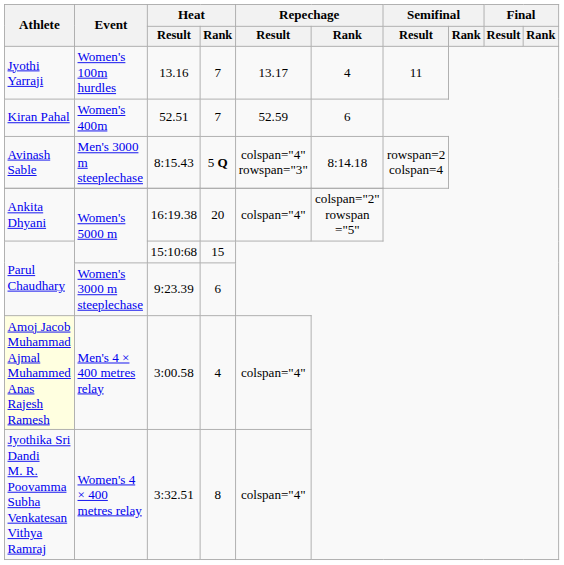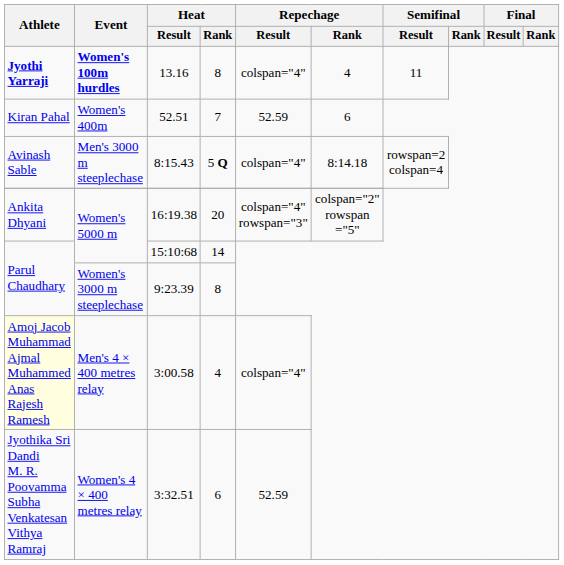 <table class="wikitable" style="font-size:90%">
 <tr>
 <th rowspan="2">Athlete</th>
 <th rowspan="2">Event</th>
 <th colspan="2">Heat</th>
 <th colspan=2>Repechage</th>
 <th colspan=2>Semifinal</th>
 <th colspan="2">Final</th>
 </tr>
 <tr style="font-size:95%">
 <th>Result</th>
 <th>Rank</th>
 <th>Result</th>
 <th>Rank</th>
 <th>Result</th>
 <th>Rank</th>
 <th>Result</th>
 <th>Rank</th>
 </tr>
 <tr align=center>
-<td align=left><a href='#'>Jyothi Yarraji</a></td>
-<td align=left><a href='#'>Women's 100m hurdles</a></td>
+<td align=left><strong><a href='#'>Jyothi Yarraji</a></strong></td>
+<td align=left><strong><a href='#'>Women's 100m hurdles</a></strong></td>
 <td>13.16</td>
-<td>7</td>
-<td>13.17</td>
+<td>8</td>
+<td>colspan="4" </td>
 <td>4</td>
 <td>11</td>
 </tr>
 <tr align=center>
 <td align=left><a href='#'>Kiran Pahal</a></td>
 <td align=left><a href='#'>Women's 400m</a></td>
 <td>52.51</td>
 <td>7</td>
 <td>52.59</td>
 <td>6</td>
 </tr>
 <tr align=center>
 <td align=left><a href='#'>Avinash Sable</a></td>
 <td align=left><a href='#'>Men's 3000 m steeplechase</a></td>
 <td>8:15.43</td>
 <td>5 <strong>Q</strong></td>
-<td>colspan="4" rowspan="3" </td>
+<td>colspan="4" </td>
 <td>8:14.18</td>
 <td>rowspan=2 colspan=4</td>
 </tr>
 <tr>
 </tr>
 <tr align=center>
 <td align=left><a href='#'>Ankita Dhyani</a></td>
 <td rowspan=2 align=left><a href='#'>Women's 5000 m</a></td>
 <td>16:19.38</td>
 <td>20</td>
-<td>colspan="4" </td>
+<td>colspan="4" rowspan="3" </td>
 <td>colspan="2" rowspan ="5" </td>
 </tr>
 <tr align=center>
 <td rowspan="2" align=left><a href='#'>Parul Chaudhary</a></td>
 <td>15:10:68 </td>
-<td>15</td>
+<td>14</td>
 </tr>
 <tr align=center>
 <td align=left><a href='#'>Women's 3000 m steeplechase</a></td>
 <td>9:23.39 </td>
-<td>6</td>
+<td>8</td>
 </tr>
 <tr align=center>
 <td align=left style="background: lightyellow;"><a href='#'>Amoj Jacob</a> <br> <a href='#'>Muhammad Ajmal</a> <br> <a href='#'>Muhammed Anas</a> <br> <a href='#'>Rajesh Ramesh</a></td>
 <td align=left><a href='#'>Men's 4 × 400 metres relay</a></td>
 <td>3:00.58 </td>
 <td>4</td>
 <td>colspan="4" </td>
 </tr>
 <tr align=center>
 <td align=left><a href='#'>Jyothika Sri Dandi</a> <br> <a href='#'>M. R. Poovamma</a> <br> <a href='#'>Subha Venkatesan</a> <br> <a href='#'>Vithya Ramraj</a></td>
 <td align=left><a href='#'>Women's 4 × 400 metres relay</a></td>
 <td>3:32.51</td>
-<td>8</td>
-<td>colspan="4" </td>
+<td>6</td>
+<td>52.59</td>
 </tr>
 </table>
